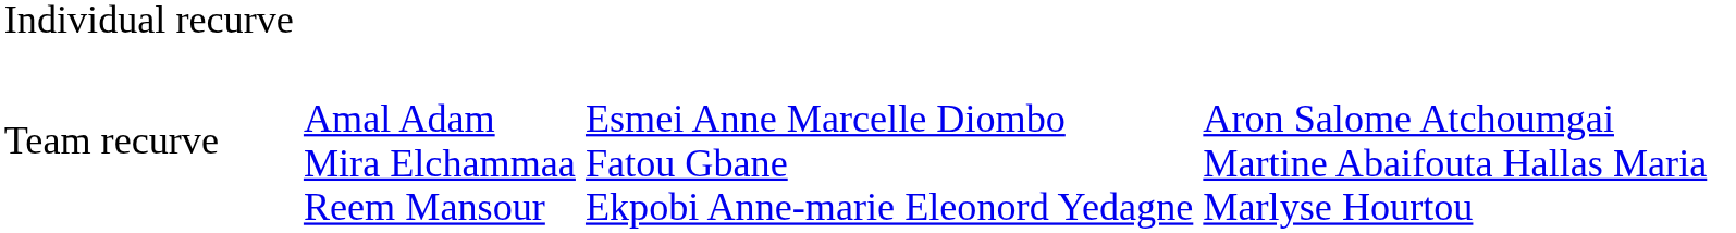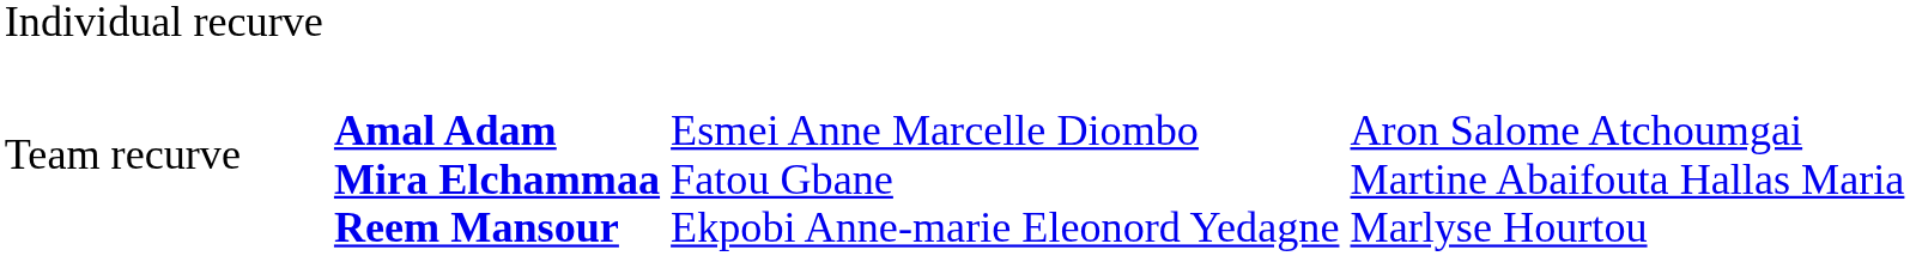 <table>
 <tr>
 <td>Individual recurve</td>
 <td></td>
 <td></td>
 <td></td>
 </tr>
 <tr>
 <td rowspan=3>Team recurve</td>
-<td><br><a href='#'>Amal Adam</a><br><a href='#'>Mira Elchammaa</a><br><a href='#'>Reem Mansour</a></td>
+<td><strong><br><a href='#'>Amal Adam</a><br><a href='#'>Mira Elchammaa</a><br><a href='#'>Reem Mansour</a></strong></td>
 <td><br><a href='#'>Esmei Anne Marcelle Diombo</a><br><a href='#'>Fatou Gbane</a><br><a href='#'>Ekpobi Anne-marie Eleonord Yedagne</a></td>
 <td><br><a href='#'>Aron Salome Atchoumgai</a><br><a href='#'>Martine Abaifouta Hallas Maria</a><br><a href='#'>Marlyse Hourtou</a></td>
 </tr>
 </table>
